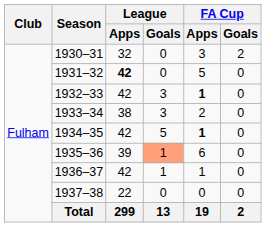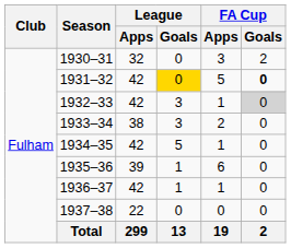 <table class="wikitable" style="text-align:center">
 <tr>
 <th rowspan="2">Club</th>
 <th rowspan="2">Season</th>
 <th colspan="2">League</th>
 <th colspan="2"><a href='#'>FA Cup</a></th>
 </tr>
 <tr>
 <th>Apps</th>
 <th>Goals</th>
 <th>Apps</th>
 <th>Goals</th>
 </tr>
 <tr>
 <td rowspan="9"><a href='#'>Fulham</a></td>
 <td>1930–31</td>
 <td>32</td>
 <td>0</td>
 <td>3</td>
 <td>2</td>
 </tr>
 <tr>
 <td>1931–32</td>
-<td><strong>42</strong></td>
-<td>0</td>
+<td>42</td>
+<td style="background: gold;">0</td>
 <td>5</td>
-<td>0</td>
+<td><strong>0</strong></td>
 </tr>
 <tr>
 <td>1932–33</td>
 <td>42</td>
 <td>3</td>
-<td><strong>1</strong></td>
-<td>0</td>
+<td>1</td>
+<td style="background: lightgrey;">0</td>
 </tr>
 <tr>
 <td>1933–34</td>
 <td>38</td>
 <td>3</td>
 <td>2</td>
 <td>0</td>
 </tr>
 <tr>
 <td>1934–35</td>
 <td>42</td>
 <td>5</td>
-<td><strong>1</strong></td>
+<td>1</td>
 <td>0</td>
 </tr>
 <tr>
 <td>1935–36</td>
 <td>39</td>
-<td style="background: lightsalmon;">1</td>
+<td>1</td>
 <td>6</td>
 <td>0</td>
 </tr>
 <tr>
 <td>1936–37</td>
 <td>42</td>
 <td>1</td>
 <td>1</td>
 <td>0</td>
 </tr>
 <tr>
 <td>1937–38</td>
 <td>22</td>
 <td>0</td>
 <td>0</td>
 <td>0</td>
 </tr>
 <tr>
 <th>Total</th>
 <th>299</th>
 <th>13</th>
 <th>19</th>
 <th>2</th>
 </tr>
 </table>
